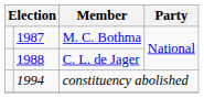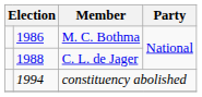 <table class="wikitable">
 <tr>
 <th colspan="2">Election</th>
 <th>Member</th>
 <th>Party</th>
 </tr>
 <tr>
 <td style="background-color: "></td>
-<td><a href='#'>1987</a></td>
+<td><a href='#'>1986</a></td>
 <td><a href='#'>M. C. Bothma</a></td>
 <td rowspan="2"><a href='#'>National</a></td>
 </tr>
 <tr>
 <td style="background-color: "></td>
 <td><a href='#'>1988</a></td>
 <td><a href='#'>C. L. de Jager</a></td>
 </tr>
 <tr>
 <td style="background-color: "></td>
 <td><em>1994</em></td>
 <td colspan="2"><em>constituency abolished</em></td>
 </tr>
 <tr>
 </tr>
 </table>
